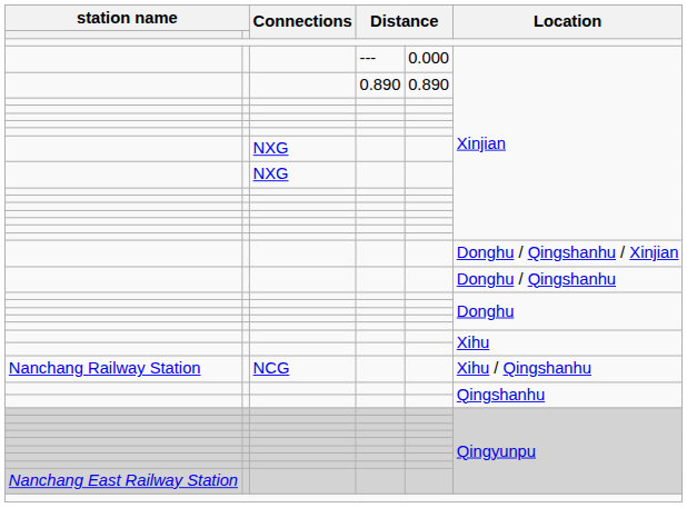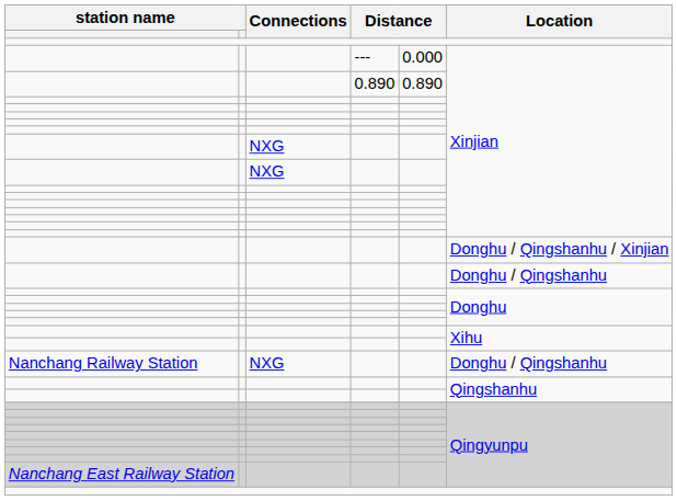 <table class="wikitable">
 <tr>
 <th colspan="2">station name</th>
 <th rowspan="2">Connections</th>
 <th colspan="2" rowspan="2">Distance<br></th>
 <th rowspan="2">Location</th>
 </tr>
 <tr>
 <th></th>
 <th></th>
 </tr>
 <tr style="background:#">
 <td colspan = "6"></td>
 </tr>
 <tr>
 <td></td>
 <td></td>
 <td></td>
 <td>---</td>
 <td>0.000</td>
 <td rowspan="16"><a href='#'>Xinjian</a></td>
 </tr>
 <tr>
 <td></td>
 <td></td>
 <td></td>
 <td>0.890</td>
 <td>0.890</td>
 </tr>
 <tr>
 <td></td>
 <td></td>
 <td></td>
 <td></td>
 <td></td>
 </tr>
 <tr>
 <td></td>
 <td></td>
 <td></td>
 <td></td>
 <td></td>
 </tr>
 <tr>
 <td></td>
 <td></td>
 <td></td>
 <td></td>
 <td></td>
 </tr>
 <tr>
 <td></td>
 <td></td>
 <td></td>
 <td></td>
 <td></td>
 </tr>
 <tr>
 <td></td>
 <td></td>
 <td></td>
 <td></td>
 <td></td>
 </tr>
 <tr>
 <td></td>
 <td></td>
 <td> <a href='#'>NXG</a> </td>
 <td></td>
 <td></td>
 </tr>
 <tr>
 <td></td>
 <td></td>
 <td> <a href='#'>NXG</a></td>
 <td></td>
 <td></td>
 </tr>
 <tr>
 <td></td>
 <td></td>
 <td></td>
 <td></td>
 <td></td>
 </tr>
 <tr>
 <td></td>
 <td></td>
 <td></td>
 <td></td>
 <td></td>
 </tr>
 <tr>
 <td></td>
 <td></td>
 <td></td>
 <td></td>
 <td></td>
 </tr>
 <tr>
 <td></td>
 <td></td>
 <td></td>
 <td></td>
 <td></td>
 </tr>
 <tr>
 <td></td>
 <td></td>
 <td></td>
 <td></td>
 <td></td>
 </tr>
 <tr>
 <td></td>
 <td></td>
 <td></td>
 <td></td>
 <td></td>
 </tr>
 <tr>
 <td></td>
 <td></td>
 <td></td>
 <td></td>
 <td></td>
 </tr>
 <tr>
 <td></td>
 <td></td>
 <td></td>
 <td></td>
 <td></td>
 <td><a href='#'>Donghu</a> / <a href='#'>Qingshanhu</a> / <a href='#'>Xinjian</a></td>
 </tr>
 <tr>
 <td></td>
 <td></td>
 <td></td>
 <td></td>
 <td></td>
 <td><a href='#'>Donghu</a> / <a href='#'>Qingshanhu</a></td>
 </tr>
 <tr>
 <td></td>
 <td></td>
 <td></td>
 <td></td>
 <td></td>
 <td rowspan="5"><a href='#'>Donghu</a></td>
 </tr>
 <tr>
 <td></td>
 <td></td>
 <td></td>
 <td></td>
 <td></td>
 </tr>
 <tr>
 <td></td>
 <td></td>
 <td></td>
 <td></td>
 <td></td>
 </tr>
 <tr>
 <td></td>
 <td></td>
 <td></td>
 <td></td>
 <td></td>
 </tr>
 <tr>
 <td></td>
 <td></td>
 <td></td>
 <td></td>
 <td></td>
 </tr>
 <tr>
 <td></td>
 <td></td>
 <td></td>
 <td></td>
 <td></td>
 <td rowspan="2"><a href='#'>Xihu</a></td>
 </tr>
 <tr>
 <td></td>
 <td></td>
 <td></td>
 <td></td>
 <td></td>
 </tr>
 <tr>
 <td><a href='#'>Nanchang Railway Station</a></td>
 <td></td>
-<td> <a href='#'>NCG</a></td>
+<td> <a href='#'>NXG</a></td>
 <td></td>
 <td></td>
-<td><a href='#'>Xihu</a> / <a href='#'>Qingshanhu</a></td>
+<td><a href='#'>Donghu</a> / <a href='#'>Qingshanhu</a></td>
 </tr>
 <tr>
 <td></td>
 <td></td>
 <td></td>
 <td></td>
 <td></td>
 <td rowspan="2"><a href='#'>Qingshanhu</a></td>
 </tr>
 <tr>
 <td></td>
 <td></td>
 <td></td>
 <td></td>
 <td></td>
 </tr>
 <tr bgcolor="lightgrey">
 <td><em></em></td>
 <td></td>
 <td></td>
 <td></td>
 <td></td>
 <td rowspan="9"><a href='#'>Qingyunpu</a></td>
 </tr>
 <tr bgcolor="lightgrey">
 <td><em></em></td>
 <td></td>
 <td></td>
 <td></td>
 <td></td>
 </tr>
 <tr bgcolor="lightgrey">
 <td><em></em></td>
 <td></td>
 <td></td>
 <td></td>
 <td></td>
 </tr>
 <tr bgcolor="lightgrey">
 <td><em></em></td>
 <td></td>
 <td></td>
 <td></td>
 <td></td>
 </tr>
 <tr bgcolor="lightgrey">
 <td><em></em></td>
 <td></td>
 <td></td>
 <td></td>
 <td></td>
 </tr>
 <tr bgcolor="lightgrey">
 <td><em></em></td>
 <td></td>
 <td></td>
 <td></td>
 <td></td>
 </tr>
 <tr bgcolor="lightgrey">
 <td><em></em></td>
 <td></td>
 <td></td>
 <td></td>
 <td></td>
 </tr>
 <tr bgcolor="lightgrey">
 <td><em></em></td>
 <td></td>
 <td></td>
 <td></td>
 <td></td>
 </tr>
 <tr bgcolor="lightgrey">
 <td><a href='#'><em>Nanchang East Railway Station</em></a></td>
 <td></td>
 <td></td>
 <td></td>
 <td></td>
 </tr>
 <tr style="background:#">
 <td colspan = "6"></td>
 </tr>
 </table>
